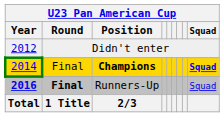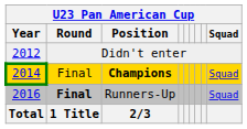 <table class="wikitable" style="text-align: center;">
 <tr>
 <th colspan=9><a href='#'>U23 Pan American Cup</a></th>
 </tr>
 <tr>
 <th>Year</th>
 <th>Round</th>
 <th>Position</th>
 <th></th>
 <th></th>
 <th></th>
 <th></th>
 <th></th>
 <th><small>Squad</small></th>
 </tr>
 <tr bgcolor="efefef">
 <td> <a href='#'>2012</a></td>
 <td colspan=9>Didn't enter</td>
 </tr>
 <tr bgcolor=gold>
 <td style="border:3px solid green"> <a href='#'>2014</a></td>
 <td>Final</td>
 <td><strong>Champions</strong></td>
 <td></td>
 <td></td>
 <td></td>
 <td></td>
 <td></td>
-<td><strong><small><a href='#'>Squad</a></small></strong></td>
+<td><small><a href='#'>Squad</a></small></td>
 </tr>
 <tr bgcolor=silver>
-<td><strong> <a href='#'>2016</a></strong></td>
+<td> <a href='#'>2016</a></td>
 <td><strong>Final</strong></td>
 <td>Runners-Up</td>
 <td></td>
 <td></td>
 <td></td>
 <td></td>
 <td></td>
 <td><small><a href='#'>Squad</a></small></td>
 </tr>
 <tr>
 <th>Total</th>
 <th>1 Title</th>
 <th>2/3</th>
 <th></th>
 <th></th>
 <th></th>
 <th></th>
 <th></th>
 <th></th>
 </tr>
 </table>
